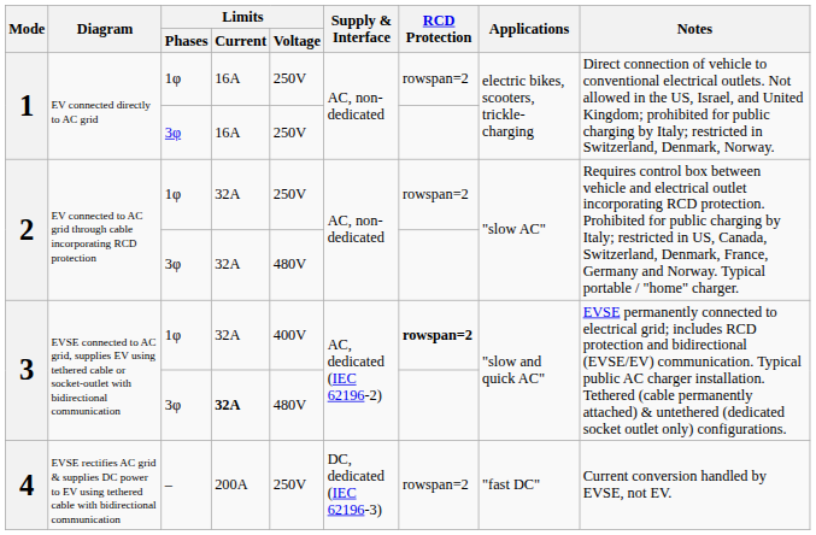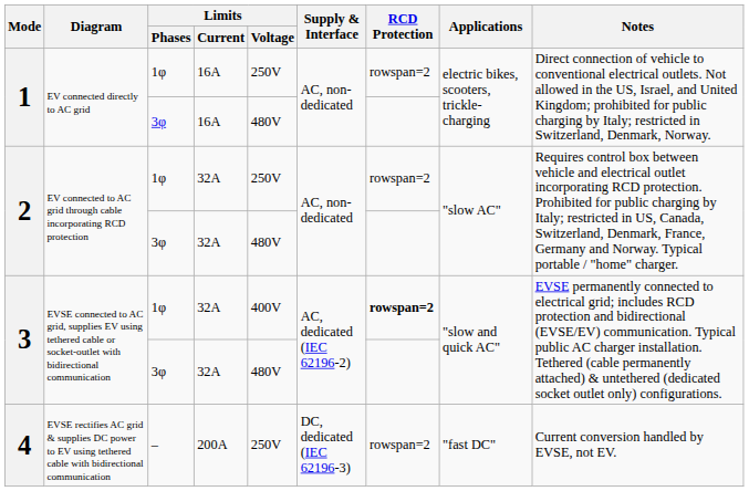 <table class="wikitable" style="font-size:100%;">
 <tr>
 <th rowspan=2>Mode</th>
 <th rowspan=2>Diagram</th>
 <th colspan=3>Limits</th>
 <th rowspan=2>Supply & Interface</th>
 <th rowspan=2><a href='#'>RCD</a> Protection</th>
 <th rowspan=2>Applications</th>
 <th rowspan=2>Notes</th>
 </tr>
 <tr>
 <th>Phases</th>
 <th>Current</th>
 <th>Voltage</th>
 </tr>
 <tr>
 <th rowspan=2 style="font-size:200%;">1</th>
 <td rowspan=2 style="font-size:75%;"><br>EV connected directly to AC grid</td>
 <td>1φ</td>
 <td>16A</td>
 <td>250V</td>
 <td rowspan=2>AC, non-dedicated</td>
 <td>rowspan=2 </td>
 <td rowspan=2>electric bikes, scooters, trickle-charging</td>
 <td rowspan=2>Direct connection of vehicle to conventional electrical outlets. Not allowed in the US, Israel, and United Kingdom; prohibited for public charging by Italy; restricted in Switzerland, Denmark, Norway.</td>
 </tr>
 <tr>
 <td><a href='#'>3φ</a></td>
 <td>16A</td>
-<td>250V</td>
+<td>480V</td>
 </tr>
 <tr>
 <th rowspan=2 style="font-size:200%;">2</th>
 <td rowspan=2 style="font-size:75%;"><br>EV connected to AC grid through cable incorporating RCD protection</td>
 <td>1φ</td>
 <td>32A</td>
 <td>250V</td>
 <td rowspan=2>AC, non-dedicated</td>
 <td>rowspan=2 </td>
 <td rowspan=2>"slow AC"</td>
 <td rowspan=2>Requires control box between vehicle and electrical outlet incorporating RCD protection. Prohibited for public charging by Italy; restricted in US, Canada, Switzerland, Denmark, France, Germany and Norway. Typical portable / "home" charger.</td>
 </tr>
 <tr>
 <td>3φ</td>
 <td>32A</td>
 <td>480V</td>
 </tr>
 <tr>
 <th rowspan=2 style="font-size:200%;">3</th>
 <td rowspan=2 style="font-size:75%;"><br>EVSE connected to AC grid, supplies EV using tethered cable or socket-outlet with bidirectional communication</td>
 <td>1φ</td>
 <td>32A</td>
 <td>400V</td>
 <td rowspan=2>AC, dedicated (<a href='#'>IEC 62196</a>-2)</td>
 <td><strong>rowspan=2 </strong></td>
 <td rowspan=2>"slow and quick AC"</td>
 <td rowspan=2><a href='#'>EVSE</a> permanently connected to electrical grid; includes RCD protection and bidirectional (EVSE/EV) communication. Typical public AC charger installation. Tethered (cable permanently attached) & untethered (dedicated socket outlet only) configurations.</td>
 </tr>
 <tr>
 <td>3φ</td>
-<td><strong>32A</strong></td>
+<td>32A</td>
 <td>480V</td>
 </tr>
 <tr>
 <th style="font-size:200%;">4</th>
 <td rowspan=2 style="font-size:75%;"><br>EVSE rectifies AC grid & supplies DC power to EV using tethered cable with bidirectional communication</td>
 <td>–</td>
 <td>200A</td>
 <td>250V</td>
 <td>DC, dedicated (<a href='#'>IEC 62196</a>-3)</td>
 <td>rowspan=2 </td>
 <td>"fast DC"</td>
 <td>Current conversion handled by EVSE, not EV.</td>
 </tr>
 </table>
